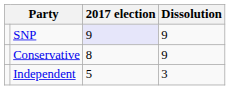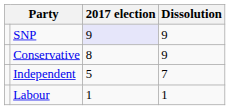 <table class="wikitable">
 <tr>
 <th scope="col" colspan="2">Party</th>
 <th>2017 election</th>
 <th>Dissolution</th>
 </tr>
 <tr>
 <td style="background-color: "></td>
 <td><a href='#'>SNP</a></td>
 <td style="background: lavender;">9</td>
 <td>9</td>
 </tr>
 <tr>
 <td style="background-color: "></td>
 <td><a href='#'>Conservative</a></td>
 <td>8</td>
 <td>9</td>
 </tr>
 <tr>
 <td style="background-color: "></td>
 <td><a href='#'>Independent</a></td>
 <td>5</td>
-<td>3</td>
+<td>7</td>
+</tr>
+<tr>
+<td style="background-color: "></td>
+<td><a href='#'>Labour</a></td>
+<td>1</td>
+<td>1</td>
 </tr>
 </table>
